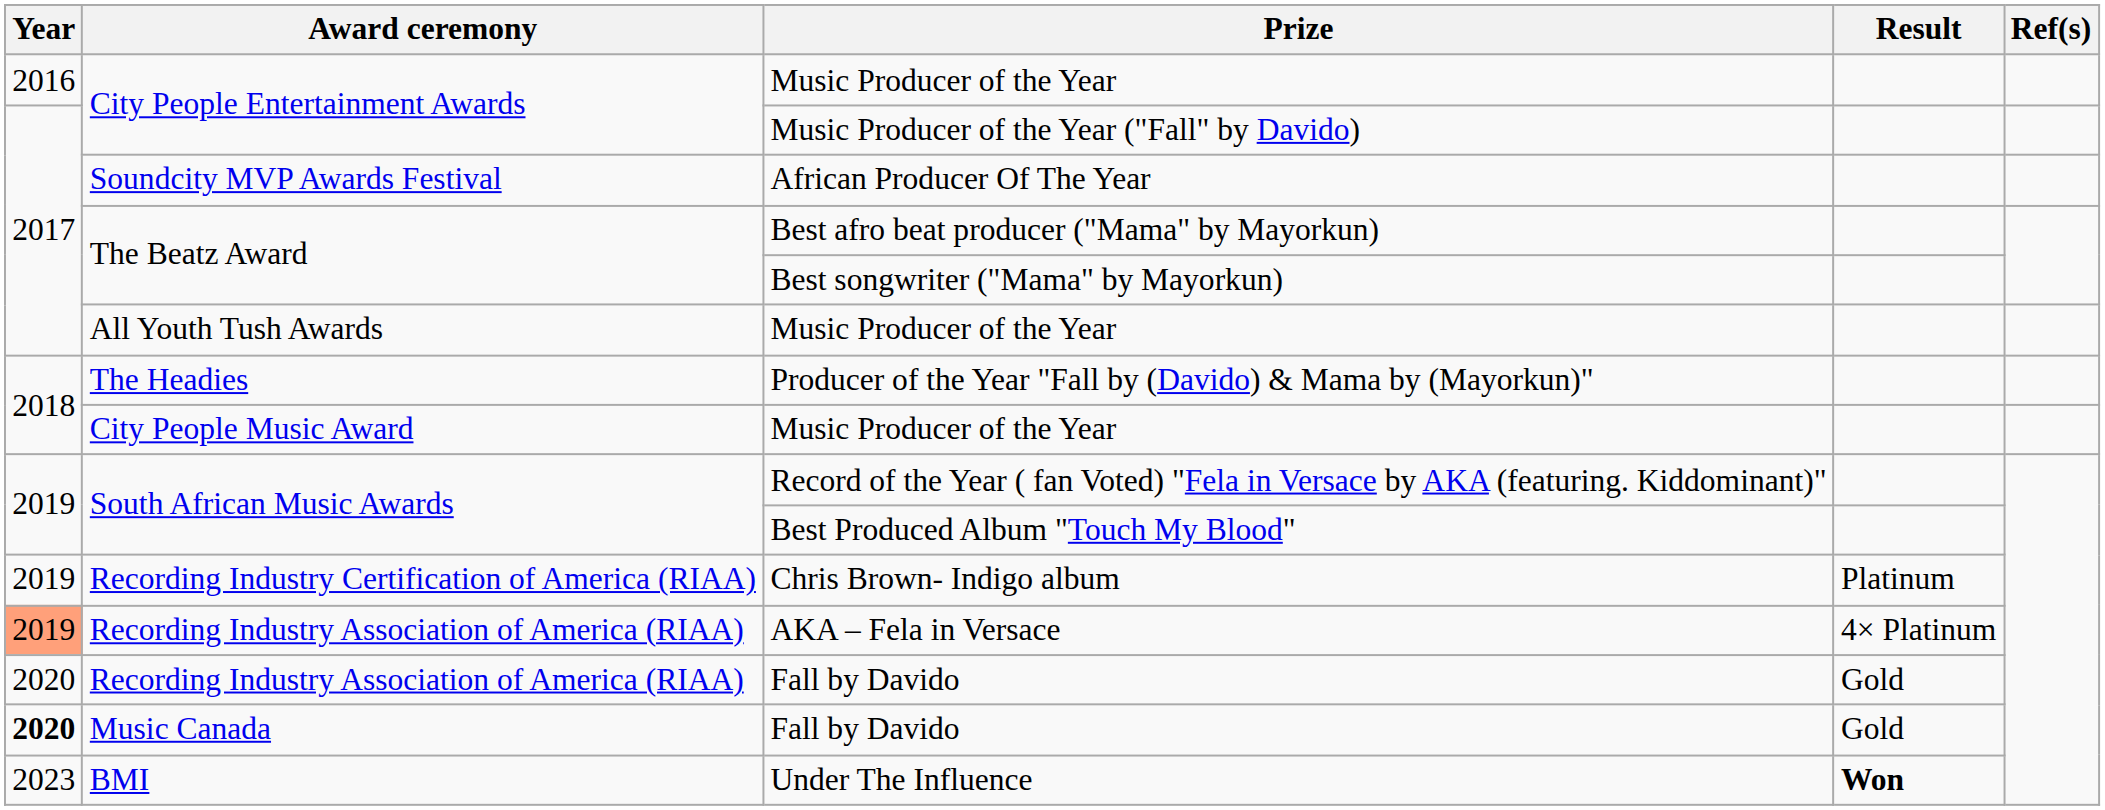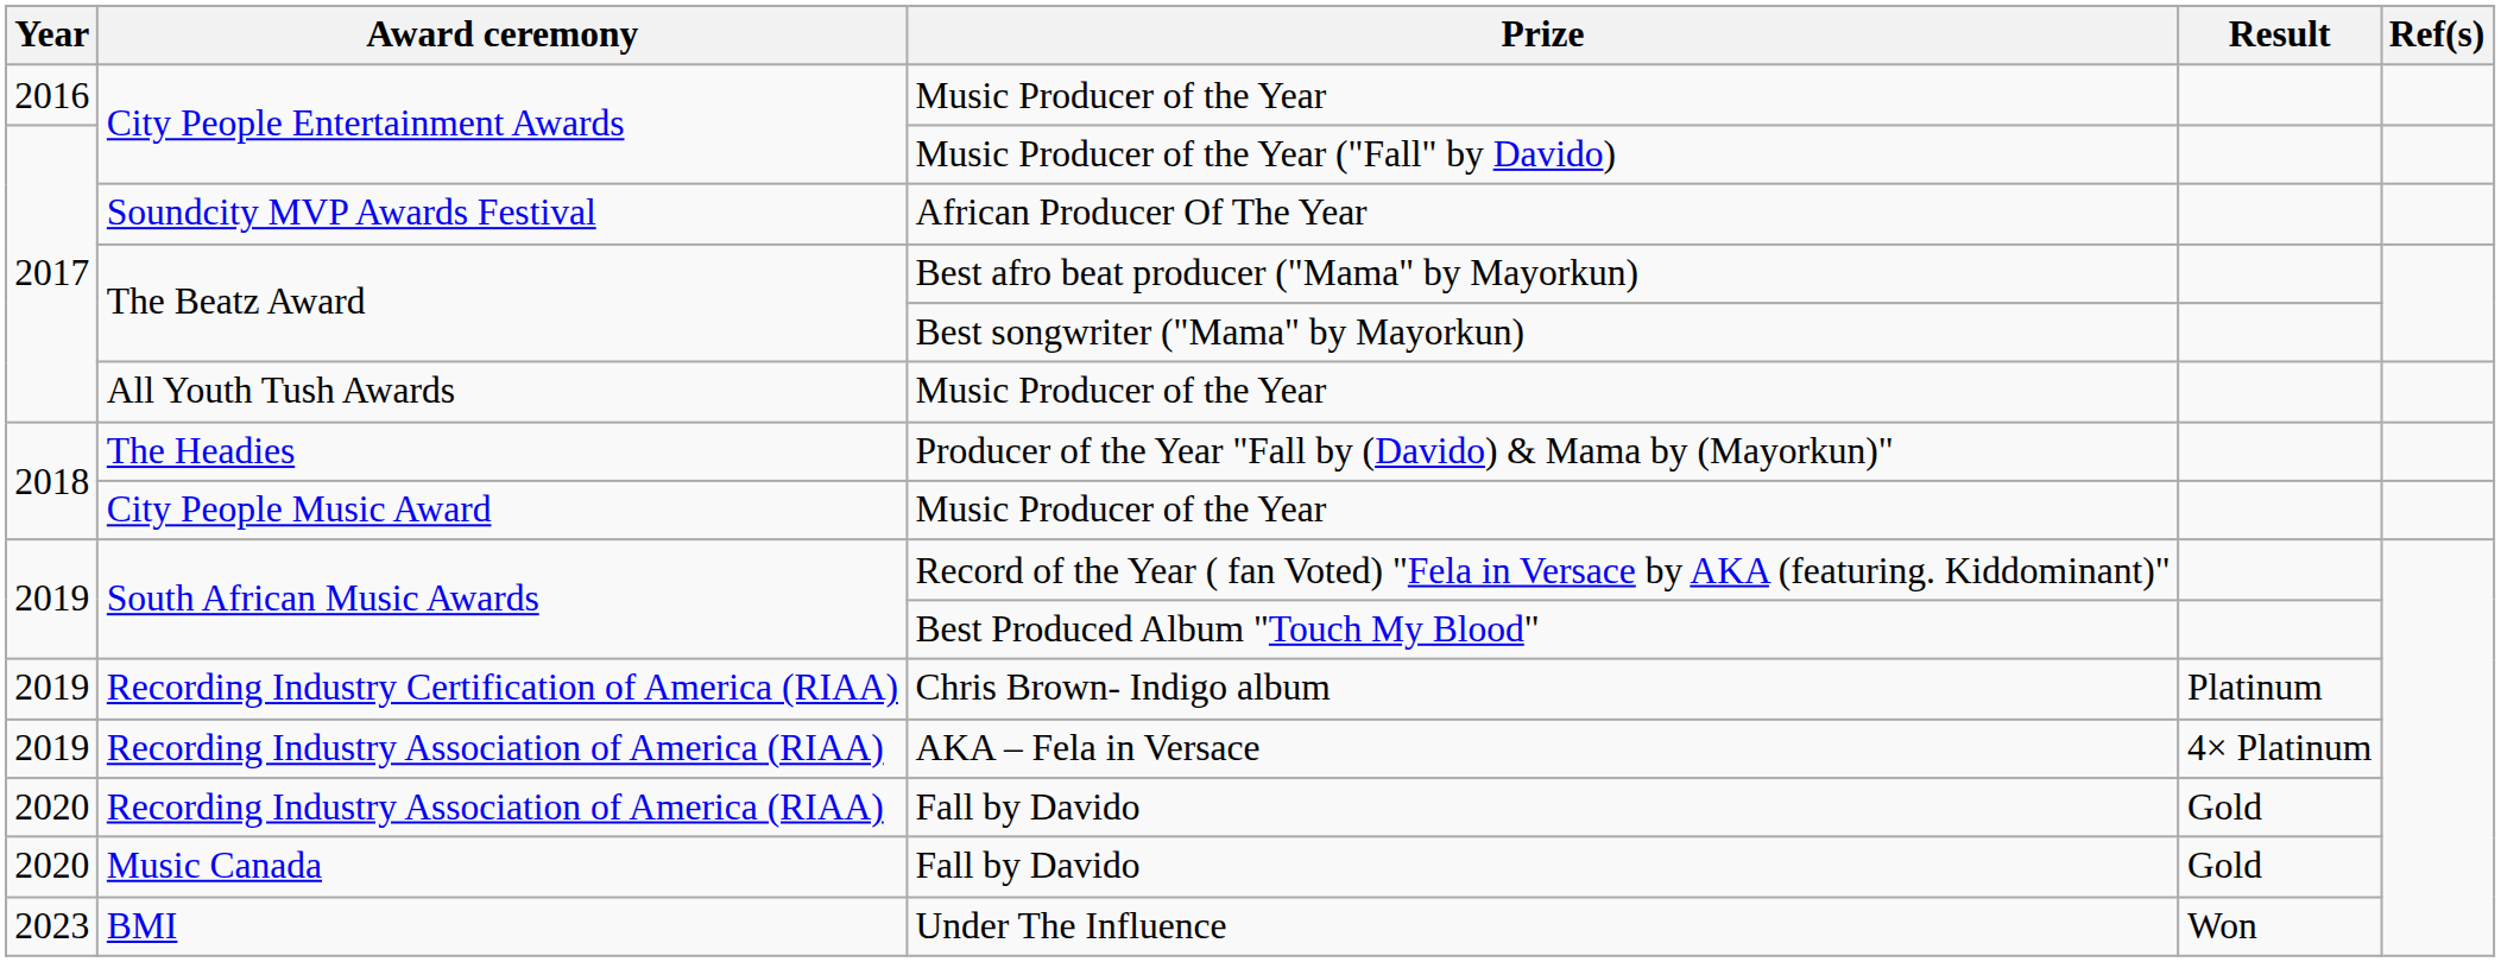 <table class ="wikitable">
 <tr>
 <th>Year</th>
 <th>Award ceremony</th>
 <th>Prize</th>
 <th>Result</th>
 <th>Ref(s)</th>
 </tr>
 <tr>
 <td>2016</td>
 <td rowspan="2"><a href='#'>City People Entertainment Awards</a></td>
 <td>Music Producer of the Year</td>
 <td></td>
 <td></td>
 </tr>
 <tr>
 <td rowspan="5">2017</td>
 <td>Music Producer of the Year ("Fall" by <a href='#'>Davido</a>)</td>
 <td></td>
 <td></td>
 </tr>
 <tr>
 <td><a href='#'>Soundcity MVP Awards Festival</a></td>
 <td>African Producer Of The Year</td>
 <td></td>
 <td></td>
 </tr>
 <tr>
 <td rowspan="2">The Beatz Award</td>
 <td>Best afro beat producer ("Mama" by Mayorkun)</td>
 <td></td>
 <td rowspan="2"></td>
 </tr>
 <tr>
 <td>Best songwriter ("Mama" by Mayorkun)</td>
 <td></td>
 </tr>
 <tr>
 <td>All Youth Tush Awards</td>
 <td>Music Producer of the Year</td>
 <td></td>
 <td></td>
 </tr>
 <tr>
 <td rowspan="2">2018</td>
 <td><a href='#'>The Headies</a></td>
 <td>Producer of the Year "Fall by (<a href='#'>Davido</a>) & Mama by (Mayorkun)"</td>
 <td></td>
 <td></td>
 </tr>
 <tr>
 <td><a href='#'>City People Music Award</a></td>
 <td>Music Producer of the Year</td>
 <td></td>
 <td></td>
 </tr>
 <tr>
 <td rowspan="2">2019</td>
 <td rowspan="2"><a href='#'>South African Music Awards</a></td>
 <td>Record of the Year ( fan Voted)  "<a href='#'>Fela in Versace</a> by <a href='#'>AKA</a> (featuring. Kiddominant)"</td>
 <td></td>
 </tr>
 <tr>
 <td>Best Produced Album "<a href='#'>Touch My Blood</a>"</td>
 <td></td>
 </tr>
 <tr>
 <td>2019</td>
 <td><a href='#'>Recording Industry Certification of America (RIAA)</a></td>
 <td>Chris Brown- Indigo album</td>
 <td>Platinum</td>
 </tr>
 <tr>
-<td style="background: lightsalmon;">2019</td>
+<td>2019</td>
 <td><a href='#'>Recording Industry Association of America (RIAA)</a></td>
 <td>AKA – Fela in Versace</td>
 <td>4× Platinum</td>
 </tr>
 <tr>
 <td>2020</td>
 <td><a href='#'>Recording Industry Association of America (RIAA)</a></td>
 <td>Fall by Davido</td>
 <td>Gold</td>
 </tr>
 <tr>
-<td><strong>2020</strong></td>
+<td>2020</td>
 <td><a href='#'>Music Canada</a></td>
 <td>Fall by Davido</td>
 <td>Gold</td>
 </tr>
 <tr>
 <td>2023</td>
 <td><a href='#'>BMI</a></td>
 <td>Under The Influence</td>
-<td><strong>Won</strong></td>
+<td>Won</td>
 </tr>
 </table>
